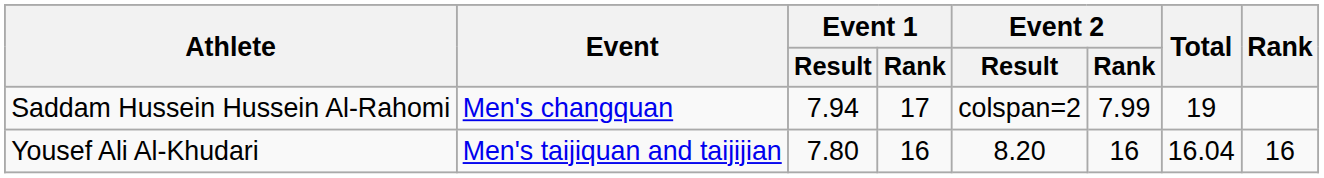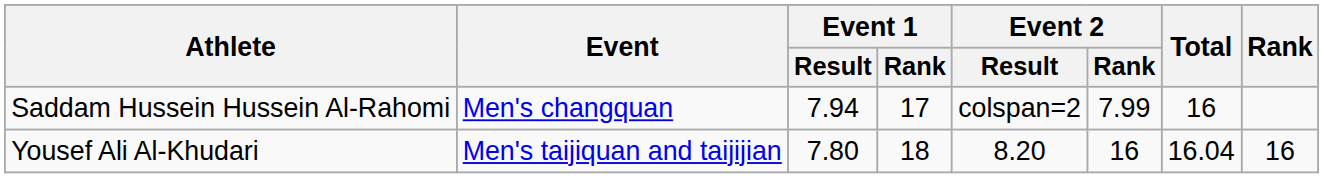 <table class=wikitable style=font-size:90%;text-align:center>
 <tr>
 <th rowspan="2">Athlete</th>
 <th rowspan="2">Event</th>
 <th colspan="2">Event 1</th>
 <th colspan="2">Event 2</th>
 <th rowspan="2">Total</th>
 <th rowspan="2">Rank</th>
 </tr>
 <tr style="font-size:95%">
 <th>Result</th>
 <th>Rank</th>
 <th>Result</th>
 <th>Rank</th>
 </tr>
 <tr>
 <td align=left>Saddam Hussein Hussein Al-Rahomi</td>
 <td align=left><a href='#'>Men's changquan</a></td>
 <td>7.94</td>
 <td>17</td>
 <td>colspan=2 </td>
 <td>7.99</td>
-<td>19</td>
+<td>16</td>
 </tr>
 <tr>
 <td align=left>Yousef Ali Al-Khudari</td>
 <td align=left><a href='#'>Men's taijiquan and taijijian</a></td>
 <td>7.80</td>
-<td>16</td>
+<td>18</td>
 <td>8.20</td>
 <td>16</td>
 <td>16.04</td>
 <td>16</td>
 </tr>
 </table>
